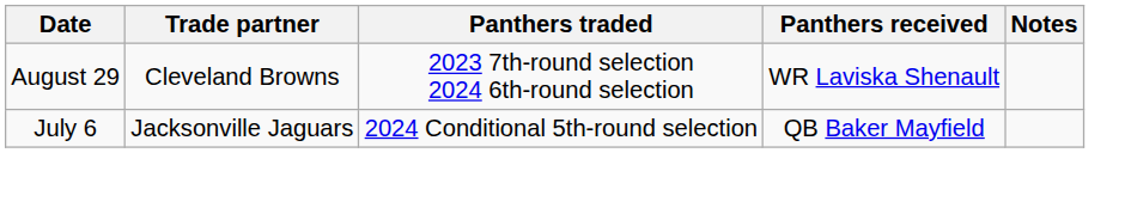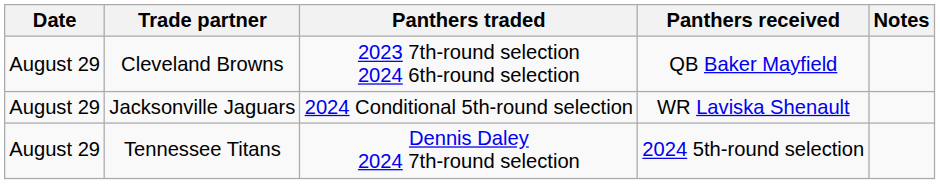 <table class="wikitable" style="text-align:center">
 <tr>
 <th>Date</th>
 <th>Trade partner</th>
 <th>Panthers traded</th>
 <th>Panthers received</th>
 <th>Notes</th>
 </tr>
 <tr>
 <td>August 29</td>
 <td>Cleveland Browns</td>
 <td><a href='#'>2023</a> 7th-round selection<br><a href='#'>2024</a> 6th-round selection</td>
+<td>QB <a href='#'>Baker Mayfield</a></td>
+<td></td>
+</tr>
+<tr>
+<td>August 29</td>
+<td>Jacksonville Jaguars</td>
+<td><a href='#'>2024</a> Conditional 5th-round selection</td>
 <td>WR <a href='#'>Laviska Shenault</a></td>
 <td></td>
 </tr>
 <tr>
-<td>July 6</td>
-<td>Jacksonville Jaguars</td>
-<td><a href='#'>2024</a> Conditional 5th-round selection</td>
-<td>QB <a href='#'>Baker Mayfield</a></td>
+<td>August 29</td>
+<td>Tennessee Titans</td>
+<td><a href='#'>Dennis Daley</a>  <br><a href='#'>2024</a> 7th-round selection</td>
+<td><a href='#'>2024</a> 5th-round selection</td>
 <td></td>
 </tr>
 </table>
